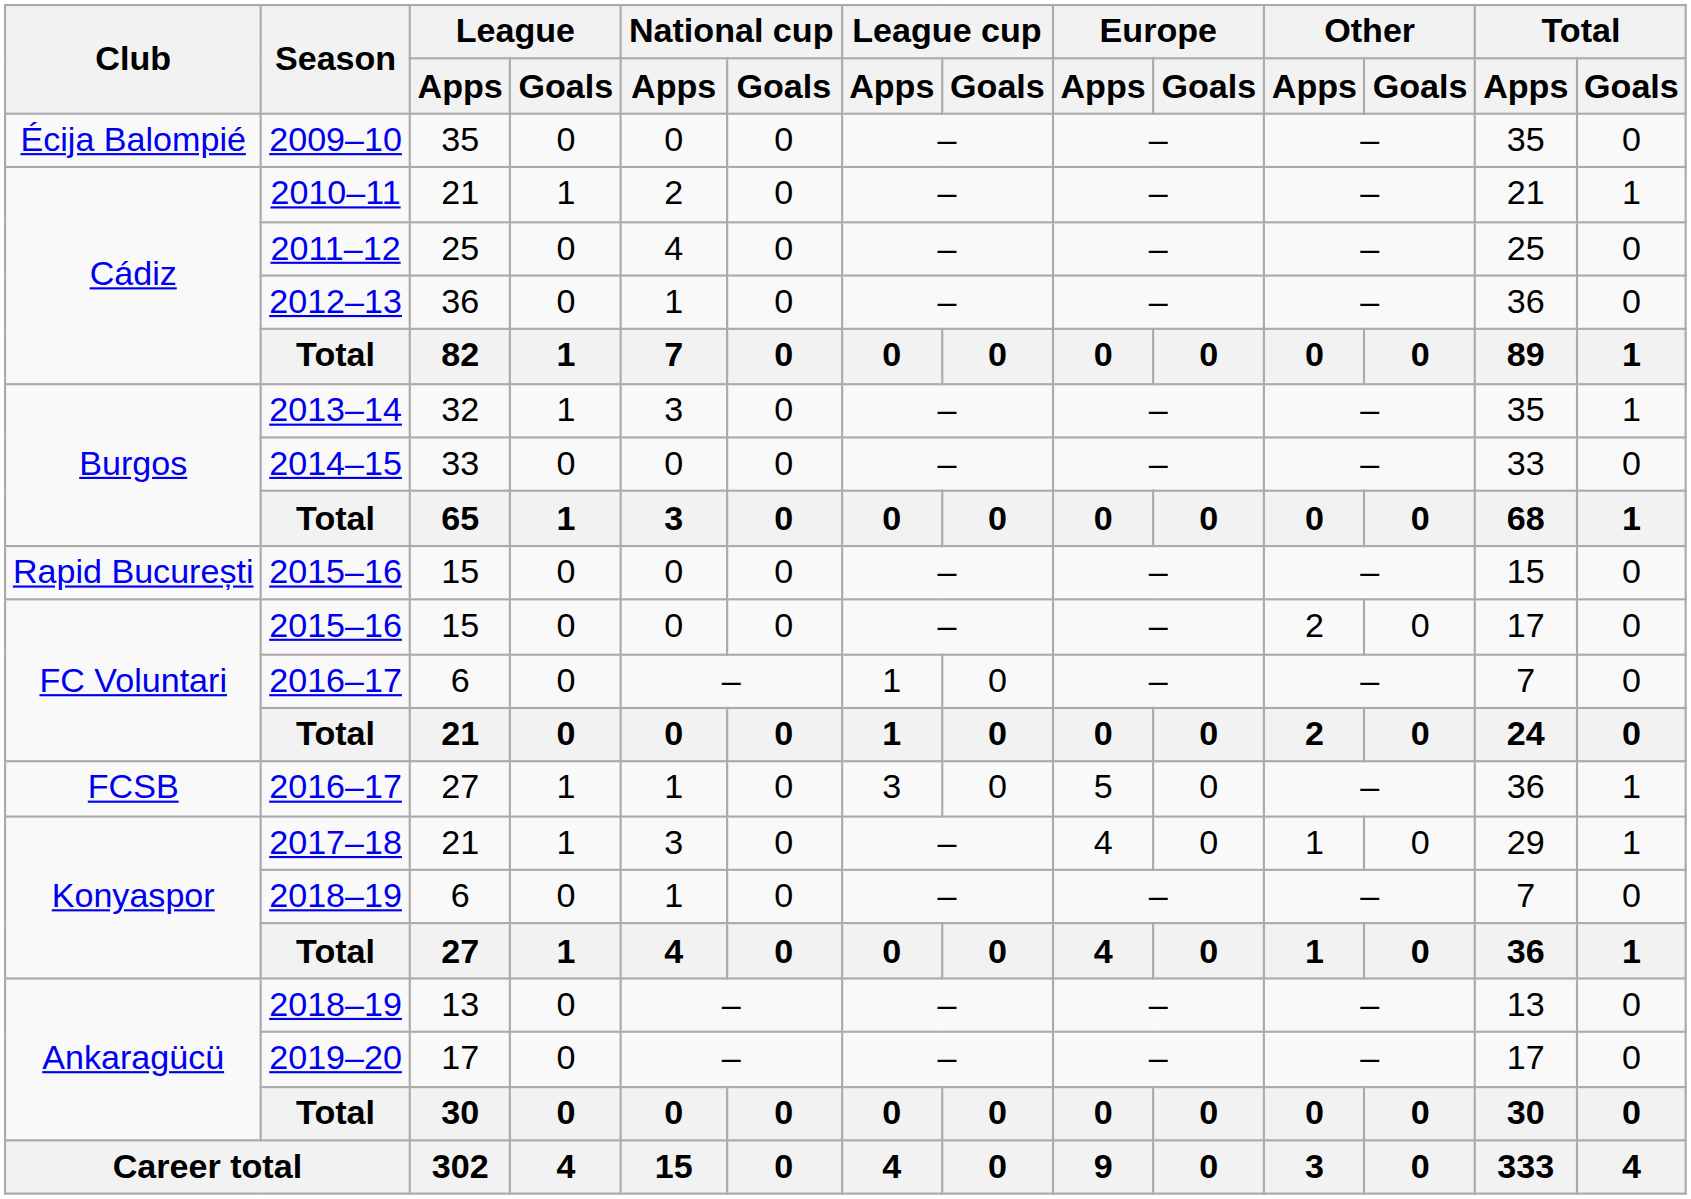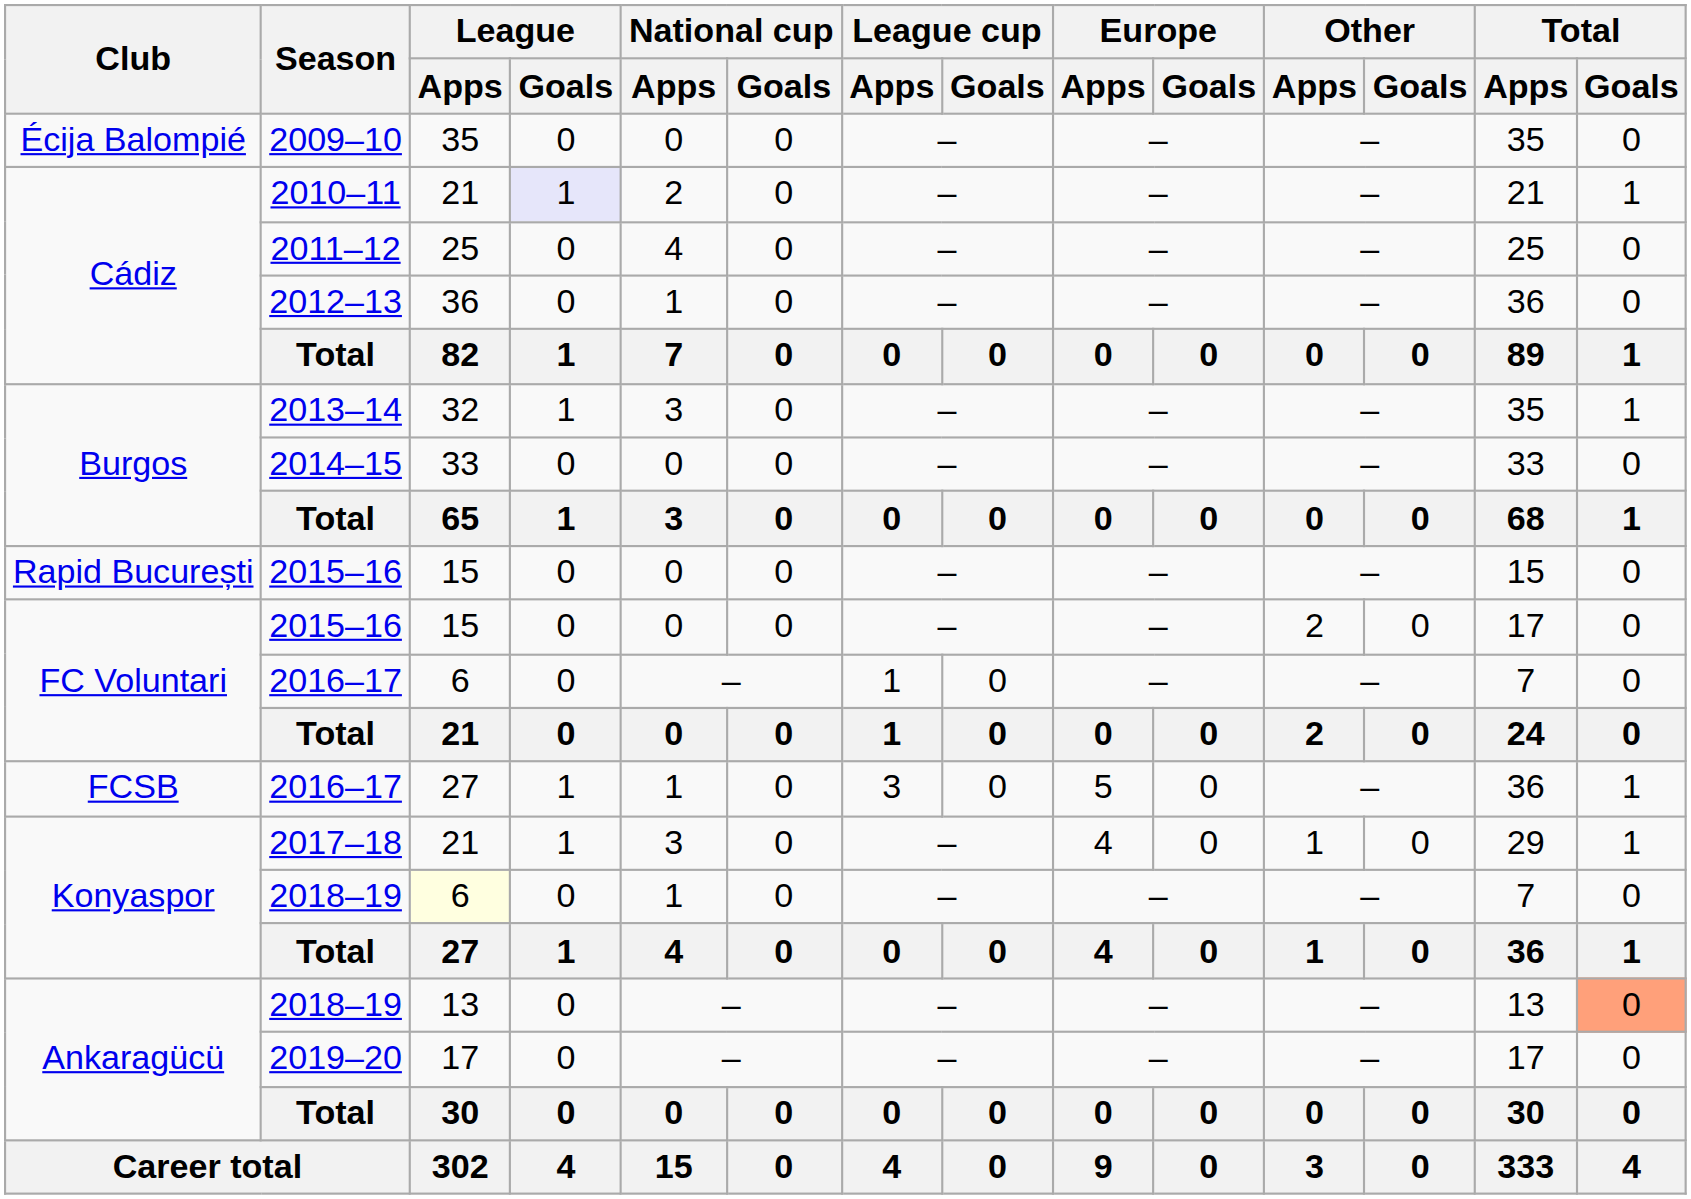 <table class="wikitable" style="text-align:center">
 <tr>
 <th rowspan="2">Club</th>
 <th rowspan="2">Season</th>
 <th colspan="2">League</th>
 <th colspan="2">National cup</th>
 <th colspan="2">League cup</th>
 <th colspan="2">Europe</th>
 <th colspan="2">Other</th>
 <th colspan="2">Total</th>
 </tr>
 <tr>
 <th>Apps</th>
 <th>Goals</th>
 <th>Apps</th>
 <th>Goals</th>
 <th>Apps</th>
 <th>Goals</th>
 <th>Apps</th>
 <th>Goals</th>
 <th>Apps</th>
 <th>Goals</th>
 <th>Apps</th>
 <th>Goals</th>
 </tr>
 <tr>
 <td><a href='#'>Écija Balompié</a></td>
 <td><a href='#'>2009–10</a></td>
 <td>35</td>
 <td>0</td>
 <td>0</td>
 <td>0</td>
 <td colspan="2">–</td>
 <td colspan="2">–</td>
 <td colspan="2">–</td>
 <td>35</td>
 <td>0</td>
 </tr>
 <tr>
 <td rowspan="4"><a href='#'>Cádiz</a></td>
 <td><a href='#'>2010–11</a></td>
 <td>21</td>
-<td>1</td>
+<td style="background: lavender;">1</td>
 <td>2</td>
 <td>0</td>
 <td colspan="2">–</td>
 <td colspan="2">–</td>
 <td colspan="2">–</td>
 <td>21</td>
 <td>1</td>
 </tr>
 <tr>
 <td><a href='#'>2011–12</a></td>
 <td>25</td>
 <td>0</td>
 <td>4</td>
 <td>0</td>
 <td colspan="2">–</td>
 <td colspan="2">–</td>
 <td colspan="2">–</td>
 <td>25</td>
 <td>0</td>
 </tr>
 <tr>
 <td><a href='#'>2012–13</a></td>
 <td>36</td>
 <td>0</td>
 <td>1</td>
 <td>0</td>
 <td colspan="2">–</td>
 <td colspan="2">–</td>
 <td colspan="2">–</td>
 <td>36</td>
 <td>0</td>
 </tr>
 <tr>
 <th colspan="1">Total</th>
 <th>82</th>
 <th>1</th>
 <th>7</th>
 <th>0</th>
 <th>0</th>
 <th>0</th>
 <th>0</th>
 <th>0</th>
 <th>0</th>
 <th>0</th>
 <th>89</th>
 <th>1</th>
 </tr>
 <tr>
 <td rowspan="3"><a href='#'>Burgos</a></td>
 <td><a href='#'>2013–14</a></td>
 <td>32</td>
 <td>1</td>
 <td>3</td>
 <td>0</td>
 <td colspan="2">–</td>
 <td colspan="2">–</td>
 <td colspan="2">–</td>
 <td>35</td>
 <td>1</td>
 </tr>
 <tr>
 <td><a href='#'>2014–15</a></td>
 <td>33</td>
 <td>0</td>
 <td>0</td>
 <td>0</td>
 <td colspan="2">–</td>
 <td colspan="2">–</td>
 <td colspan="2">–</td>
 <td>33</td>
 <td>0</td>
 </tr>
 <tr>
 <th colspan="1">Total</th>
 <th>65</th>
 <th>1</th>
 <th>3</th>
 <th>0</th>
 <th>0</th>
 <th>0</th>
 <th>0</th>
 <th>0</th>
 <th>0</th>
 <th>0</th>
 <th>68</th>
 <th>1</th>
 </tr>
 <tr>
 <td><a href='#'>Rapid București</a></td>
 <td><a href='#'>2015–16</a></td>
 <td>15</td>
 <td>0</td>
 <td>0</td>
 <td>0</td>
 <td colspan="2">–</td>
 <td colspan="2">–</td>
 <td colspan="2">–</td>
 <td>15</td>
 <td>0</td>
 </tr>
 <tr>
 <td rowspan="3"><a href='#'>FC Voluntari</a></td>
 <td><a href='#'>2015–16</a></td>
 <td>15</td>
 <td>0</td>
 <td>0</td>
 <td>0</td>
 <td colspan="2">–</td>
 <td colspan="2">–</td>
 <td>2</td>
 <td>0</td>
 <td>17</td>
 <td>0</td>
 </tr>
 <tr>
 <td><a href='#'>2016–17</a></td>
 <td>6</td>
 <td>0</td>
 <td colspan="2">–</td>
 <td>1</td>
 <td>0</td>
 <td colspan="2">–</td>
 <td colspan="2">–</td>
 <td>7</td>
 <td>0</td>
 </tr>
 <tr>
 <th colspan="1">Total</th>
 <th>21</th>
 <th>0</th>
 <th>0</th>
 <th>0</th>
 <th>1</th>
 <th>0</th>
 <th>0</th>
 <th>0</th>
 <th>2</th>
 <th>0</th>
 <th>24</th>
 <th>0</th>
 </tr>
 <tr>
 <td><a href='#'>FCSB</a></td>
 <td><a href='#'>2016–17</a></td>
 <td>27</td>
 <td>1</td>
 <td>1</td>
 <td>0</td>
 <td>3</td>
 <td>0</td>
 <td>5</td>
 <td>0</td>
 <td colspan="2">–</td>
 <td>36</td>
 <td>1</td>
 </tr>
 <tr>
 <td rowspan="3"><a href='#'>Konyaspor</a></td>
 <td><a href='#'>2017–18</a></td>
 <td>21</td>
 <td>1</td>
 <td>3</td>
 <td>0</td>
 <td colspan="2">–</td>
 <td>4</td>
 <td>0</td>
 <td>1</td>
 <td>0</td>
 <td>29</td>
 <td>1</td>
 </tr>
 <tr>
 <td><a href='#'>2018–19</a></td>
-<td>6</td>
+<td style="background: lightyellow;">6</td>
 <td>0</td>
 <td>1</td>
 <td>0</td>
 <td colspan="2">–</td>
 <td colspan="2">–</td>
 <td colspan="2">–</td>
 <td>7</td>
 <td>0</td>
 </tr>
 <tr>
 <th colspan="1">Total</th>
 <th>27</th>
 <th>1</th>
 <th>4</th>
 <th>0</th>
 <th>0</th>
 <th>0</th>
 <th>4</th>
 <th>0</th>
 <th>1</th>
 <th>0</th>
 <th>36</th>
 <th>1</th>
 </tr>
 <tr>
 <td rowspan="3"><a href='#'>Ankaragücü</a></td>
 <td><a href='#'>2018–19</a></td>
 <td>13</td>
 <td>0</td>
 <td colspan="2">–</td>
 <td colspan="2">–</td>
 <td colspan="2">–</td>
 <td colspan="2">–</td>
 <td>13</td>
-<td>0</td>
+<td style="background: lightsalmon;">0</td>
 </tr>
 <tr>
 <td><a href='#'>2019–20</a></td>
 <td>17</td>
 <td>0</td>
 <td colspan="2">–</td>
 <td colspan="2">–</td>
 <td colspan="2">–</td>
 <td colspan="2">–</td>
 <td>17</td>
 <td>0</td>
 </tr>
 <tr>
 <th colspan="1">Total</th>
 <th>30</th>
 <th>0</th>
 <th>0</th>
 <th>0</th>
 <th>0</th>
 <th>0</th>
 <th>0</th>
 <th>0</th>
 <th>0</th>
 <th>0</th>
 <th>30</th>
 <th>0</th>
 </tr>
 <tr>
 <th colspan="2">Career total</th>
 <th>302</th>
 <th>4</th>
 <th>15</th>
 <th>0</th>
 <th>4</th>
 <th>0</th>
 <th>9</th>
 <th>0</th>
 <th>3</th>
 <th>0</th>
 <th>333</th>
 <th>4</th>
 </tr>
 </table>
